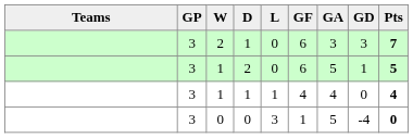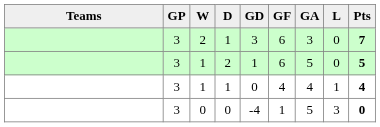 <table style=border-collapse:collapse border=1 cellspacing=0 cellpadding=5>
 <tr align=center bgcolor=#efefef>
 <th width=185>Teams</th>
 <th width=20>GP</th>
 <th width=20>W</th>
 <th width=20>D</th>
-<th width=20>L</th>
+<th width=20>GD</th>
 <th width=20>GF</th>
 <th width=20>GA</th>
-<th width=20>GD</th>
+<th width=20>L</th>
 <th width=20>Pts</th>
 </tr>
 <tr align=center style="background:#ccffcc;">
 <td style="text-align:left;"></td>
 <td>3</td>
 <td>2</td>
 <td>1</td>
-<td>0</td>
+<td>3</td>
 <td>6</td>
 <td>3</td>
-<td>3</td>
+<td>0</td>
 <td><strong>7</strong></td>
 </tr>
 <tr align=center style="background:#ccffcc;">
 <td style="text-align:left;"></td>
 <td>3</td>
 <td>1</td>
 <td>2</td>
-<td>0</td>
+<td>1</td>
 <td>6</td>
 <td>5</td>
-<td>1</td>
+<td>0</td>
 <td><strong>5</strong></td>
 </tr>
 <tr align=center>
 <td style="text-align:left;"></td>
 <td>3</td>
 <td>1</td>
 <td>1</td>
-<td>1</td>
+<td>0</td>
 <td>4</td>
 <td>4</td>
-<td>0</td>
+<td>1</td>
 <td><strong>4</strong></td>
 </tr>
 <tr align=center>
 <td style="text-align:left;"></td>
 <td>3</td>
 <td>0</td>
 <td>0</td>
-<td>3</td>
+<td>-4</td>
 <td>1</td>
 <td>5</td>
-<td>-4</td>
+<td>3</td>
 <td><strong>0</strong></td>
 </tr>
 </table>
